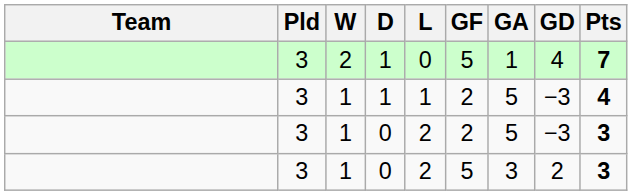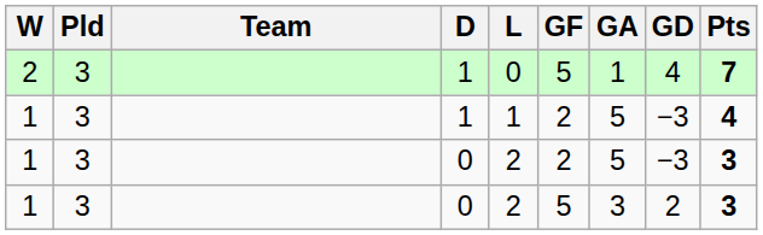 <table class="wikitable" style="text-align:center;">
 <tr>
+<th width=20>W</th>
+<th width=20>Pld</th>
 <th width=180>Team</th>
-<th width=20>Pld</th>
-<th width=20>W</th>
 <th width=20>D</th>
 <th width=20>L</th>
 <th width=20>GF</th>
 <th width=20>GA</th>
 <th width=20>GD</th>
 <th width=20>Pts</th>
 </tr>
 <tr bgcolor="ccffcc">
+<td>2</td>
+<td>3</td>
 <td align="left"><em></em></td>
-<td>3</td>
-<td>2</td>
 <td>1</td>
 <td>0</td>
 <td>5</td>
 <td>1</td>
 <td>4</td>
 <td><strong>7</strong></td>
 </tr>
 <tr>
+<td>1</td>
+<td>3</td>
 <td align="left"></td>
-<td>3</td>
-<td>1</td>
 <td>1</td>
 <td>1</td>
 <td>2</td>
 <td>5</td>
 <td>−3</td>
 <td><strong>4</strong></td>
 </tr>
 <tr>
+<td>1</td>
+<td>3</td>
 <td align="left"></td>
-<td>3</td>
-<td>1</td>
 <td>0</td>
 <td>2</td>
 <td>2</td>
 <td>5</td>
 <td>−3</td>
 <td><strong>3</strong></td>
 </tr>
 <tr>
+<td>1</td>
+<td>3</td>
 <td align="left"></td>
-<td>3</td>
-<td>1</td>
 <td>0</td>
 <td>2</td>
 <td>5</td>
 <td>3</td>
 <td>2</td>
 <td><strong>3</strong></td>
 </tr>
 </table>
